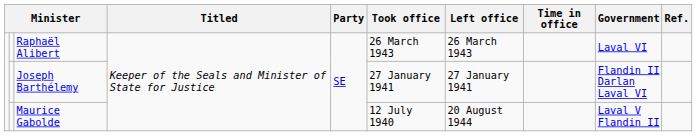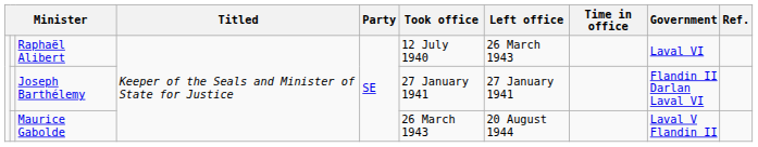 <table class="wikitable">
 <tr>
 <th colspan="3">Minister</th>
 <th>Titled</th>
 <th>Party</th>
 <th>Took office</th>
 <th>Left office</th>
 <th>Time in office</th>
 <th>Government</th>
 <th>Ref.</th>
 </tr>
 <tr>
 <td rowspan="3" style="background:"></td>
 <td></td>
 <td><a href='#'>Raphaël Alibert</a></td>
 <td rowspan="3"><em>Keeper of the Seals and Minister of State for Justice</em></td>
 <td rowspan="3"><a href='#'>SE</a></td>
-<td>26 March 1943</td>
+<td>12 July 1940</td>
 <td>26 March 1943</td>
 <td></td>
 <td><a href='#'>Laval VI</a></td>
 <td></td>
 </tr>
 <tr>
 <td></td>
 <td><a href='#'>Joseph Barthélemy</a></td>
 <td>27 January 1941</td>
 <td>27 January 1941</td>
 <td></td>
 <td><a href='#'>Flandin II</a><br><a href='#'>Darlan</a><br><a href='#'>Laval VI</a></td>
 <td></td>
 </tr>
 <tr>
 <td></td>
 <td><a href='#'>Maurice Gabolde</a></td>
-<td>12 July 1940</td>
+<td>26 March 1943</td>
 <td>20 August 1944</td>
 <td></td>
 <td><a href='#'>Laval V</a><br><a href='#'>Flandin II</a></td>
 <td></td>
 </tr>
 </table>
